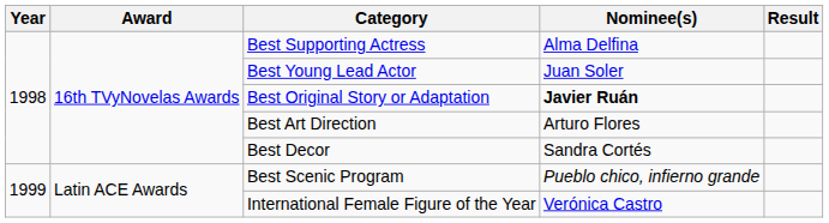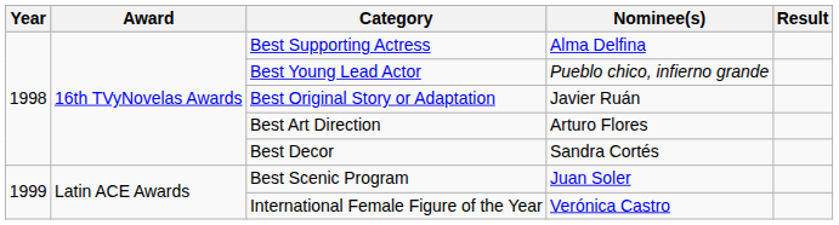 <table class="wikitable">
 <tr style="background:#b0c4de;">
 <th>Year</th>
 <th>Award</th>
 <th>Category</th>
 <th>Nominee(s)</th>
 <th>Result</th>
 </tr>
 <tr>
 <td rowspan=5>1998</td>
 <td rowspan=5><a href='#'>16th TVyNovelas Awards</a></td>
 <td><a href='#'>Best Supporting Actress</a></td>
 <td><a href='#'>Alma Delfina</a></td>
 <td></td>
 </tr>
 <tr>
 <td><a href='#'>Best Young Lead Actor</a></td>
-<td><a href='#'>Juan Soler</a></td>
+<td><em>Pueblo chico, infierno grande</em></td>
 <td></td>
 </tr>
 <tr>
 <td><a href='#'>Best Original Story or Adaptation</a></td>
-<td><strong>Javier Ruán</strong></td>
+<td>Javier Ruán</td>
 <td></td>
 </tr>
 <tr>
 <td>Best Art Direction</td>
 <td>Arturo Flores</td>
 <td></td>
 </tr>
 <tr>
 <td>Best Decor</td>
 <td>Sandra Cortés</td>
 <td></td>
 </tr>
 <tr>
 <td rowspan=2>1999</td>
 <td rowspan=2>Latin ACE Awards</td>
 <td>Best Scenic Program</td>
-<td><em>Pueblo chico, infierno grande</em></td>
+<td><a href='#'>Juan Soler</a></td>
 <td></td>
 </tr>
 <tr>
 <td>International Female Figure of the Year</td>
 <td><a href='#'>Verónica Castro</a></td>
 <td></td>
 </tr>
 </table>
